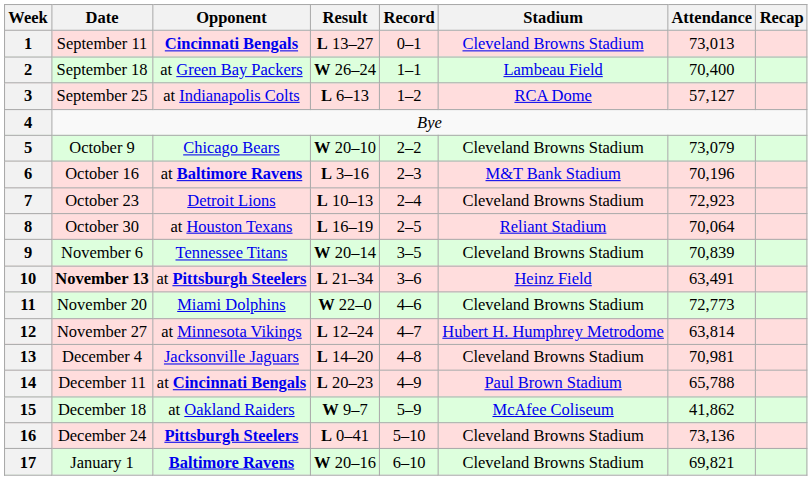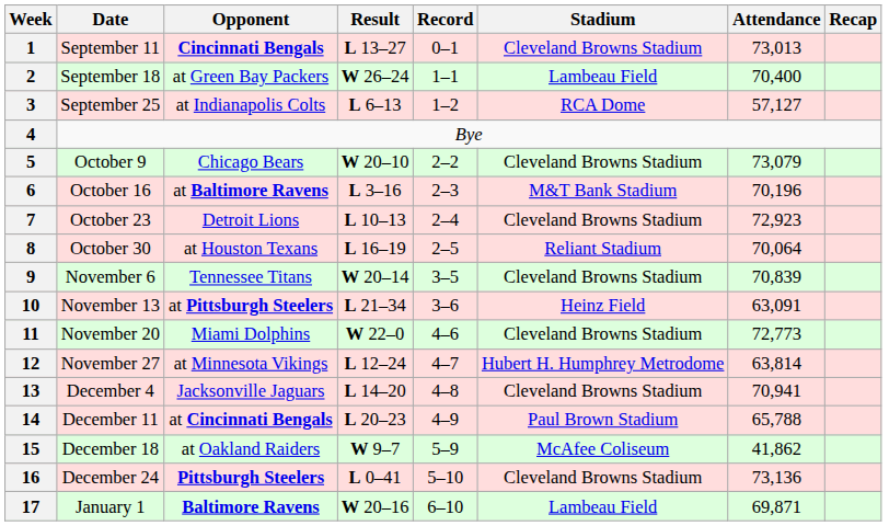 <table class="wikitable" style="text-align:center">
 <tr>
 <th>Week</th>
 <th>Date</th>
 <th>Opponent</th>
 <th>Result</th>
 <th>Record</th>
 <th>Stadium</th>
 <th>Attendance</th>
 <th>Recap</th>
 </tr>
 <tr style="background:#ffdddd">
 <th>1</th>
 <td>September 11</td>
 <td><strong><a href='#'>Cincinnati Bengals</a></strong></td>
 <td><strong>L</strong> 13–27</td>
 <td>0–1</td>
 <td><a href='#'>Cleveland Browns Stadium</a></td>
 <td>73,013</td>
 <td></td>
 </tr>
 <tr style="background:#ddffdd">
 <th>2</th>
 <td>September 18</td>
 <td>at <a href='#'>Green Bay Packers</a></td>
 <td><strong>W</strong> 26–24</td>
 <td>1–1</td>
 <td><a href='#'>Lambeau Field</a></td>
 <td>70,400</td>
 <td></td>
 </tr>
 <tr style="background:#ffdddd">
 <th>3</th>
 <td>September 25</td>
 <td>at <a href='#'>Indianapolis Colts</a></td>
 <td><strong>L</strong> 6–13</td>
 <td>1–2</td>
 <td><a href='#'>RCA Dome</a></td>
 <td>57,127</td>
 <td></td>
 </tr>
 <tr>
 <th>4</th>
 <td colspan="7"><em>Bye</em></td>
 </tr>
 <tr style="background:#ddffdd">
 <th>5</th>
 <td>October 9</td>
 <td><a href='#'>Chicago Bears</a></td>
 <td><strong>W</strong> 20–10</td>
 <td>2–2</td>
 <td>Cleveland Browns Stadium</td>
 <td>73,079</td>
 <td></td>
 </tr>
 <tr style="background:#ffdddd">
 <th>6</th>
 <td>October 16</td>
 <td>at <strong><a href='#'>Baltimore Ravens</a></strong></td>
 <td><strong>L</strong> 3–16</td>
 <td>2–3</td>
 <td><a href='#'>M&T Bank Stadium</a></td>
 <td>70,196</td>
 <td></td>
 </tr>
 <tr style="background:#ffdddd">
 <th>7</th>
 <td>October 23</td>
 <td><a href='#'>Detroit Lions</a></td>
 <td><strong>L</strong> 10–13</td>
 <td>2–4</td>
 <td>Cleveland Browns Stadium</td>
 <td>72,923</td>
 <td></td>
 </tr>
 <tr style="background:#ffdddd">
 <th>8</th>
 <td>October 30</td>
 <td>at <a href='#'>Houston Texans</a></td>
 <td><strong>L</strong> 16–19</td>
 <td>2–5</td>
 <td><a href='#'>Reliant Stadium</a></td>
 <td>70,064</td>
 <td></td>
 </tr>
 <tr style="background:#ddffdd">
 <th>9</th>
 <td>November 6</td>
 <td><a href='#'>Tennessee Titans</a></td>
 <td><strong>W</strong> 20–14</td>
 <td>3–5</td>
 <td>Cleveland Browns Stadium</td>
 <td>70,839</td>
 <td></td>
 </tr>
 <tr style="background:#ffdddd">
 <th>10</th>
-<td><strong>November 13</strong></td>
+<td>November 13</td>
 <td>at <strong><a href='#'>Pittsburgh Steelers</a></strong></td>
 <td><strong>L</strong> 21–34</td>
 <td>3–6</td>
 <td><a href='#'>Heinz Field</a></td>
-<td>63,491</td>
+<td>63,091</td>
 <td></td>
 </tr>
 <tr style="background:#ddffdd">
 <th>11</th>
 <td>November 20</td>
 <td><a href='#'>Miami Dolphins</a></td>
 <td><strong>W</strong> 22–0</td>
 <td>4–6</td>
 <td>Cleveland Browns Stadium</td>
 <td>72,773</td>
 <td></td>
 </tr>
 <tr style="background:#ffdddd">
 <th>12</th>
 <td>November 27</td>
 <td>at <a href='#'>Minnesota Vikings</a></td>
 <td><strong>L</strong> 12–24</td>
 <td>4–7</td>
 <td><a href='#'>Hubert H. Humphrey Metrodome</a></td>
 <td>63,814</td>
 <td></td>
 </tr>
 <tr style="background:#ffdddd">
 <th>13</th>
 <td>December 4</td>
 <td><a href='#'>Jacksonville Jaguars</a></td>
 <td><strong>L</strong> 14–20</td>
 <td>4–8</td>
 <td>Cleveland Browns Stadium</td>
-<td>70,981</td>
+<td>70,941</td>
 <td></td>
 </tr>
 <tr style="background:#ffdddd">
 <th>14</th>
 <td>December 11</td>
 <td>at <strong><a href='#'>Cincinnati Bengals</a></strong></td>
 <td><strong>L</strong> 20–23</td>
 <td>4–9</td>
 <td><a href='#'>Paul Brown Stadium</a></td>
 <td>65,788</td>
 <td></td>
 </tr>
 <tr style="background:#ddffdd">
 <th>15</th>
 <td>December 18</td>
 <td>at <a href='#'>Oakland Raiders</a></td>
 <td><strong>W</strong> 9–7</td>
 <td>5–9</td>
 <td><a href='#'>McAfee Coliseum</a></td>
 <td>41,862</td>
 <td></td>
 </tr>
 <tr style="background:#ffdddd">
 <th>16</th>
 <td>December 24</td>
 <td><strong><a href='#'>Pittsburgh Steelers</a></strong></td>
 <td><strong>L</strong> 0–41</td>
 <td>5–10</td>
 <td>Cleveland Browns Stadium</td>
 <td>73,136</td>
 <td></td>
 </tr>
 <tr style="background:#ddffdd">
 <th>17</th>
 <td>January 1</td>
 <td><strong><a href='#'>Baltimore Ravens</a></strong></td>
 <td><strong>W</strong> 20–16</td>
 <td>6–10</td>
-<td>Cleveland Browns Stadium</td>
-<td>69,821</td>
+<td><a href='#'>Lambeau Field</a></td>
+<td>69,871</td>
 <td></td>
 </tr>
 </table>
